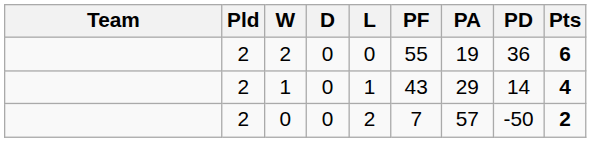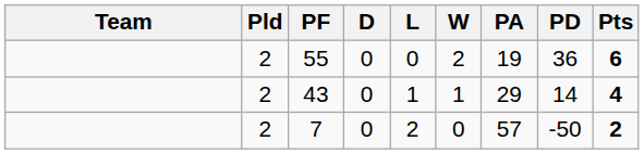 <table class="wikitable" style="text-align:center;">
 <tr>
 <th width="160">Team</th>
 <th width="25">Pld</th>
-<th width="25">W</th>
+<th width="32">PF</th>
 <th width="25">D</th>
 <th width="25">L</th>
-<th width="32">PF</th>
+<th width="25">W</th>
 <th width="32">PA</th>
 <th width="32">PD</th>
 <th>Pts</th>
 </tr>
 <tr>
 <td align="left"></td>
 <td>2</td>
-<td>2</td>
+<td>55</td>
 <td>0</td>
 <td>0</td>
-<td>55</td>
+<td>2</td>
 <td>19</td>
 <td>36</td>
 <td><strong>6</strong></td>
 </tr>
 <tr>
 <td align="left"></td>
 <td>2</td>
-<td>1</td>
+<td>43</td>
 <td>0</td>
 <td>1</td>
-<td>43</td>
+<td>1</td>
 <td>29</td>
 <td>14</td>
 <td><strong>4</strong></td>
 </tr>
 <tr>
 <td align="left"></td>
 <td>2</td>
-<td>0</td>
+<td>7</td>
 <td>0</td>
 <td>2</td>
-<td>7</td>
+<td>0</td>
 <td>57</td>
 <td>-50</td>
 <td><strong>2</strong></td>
 </tr>
 </table>
